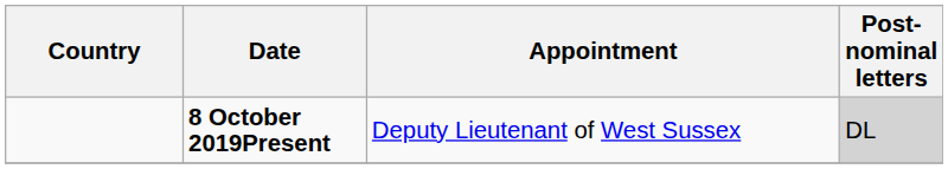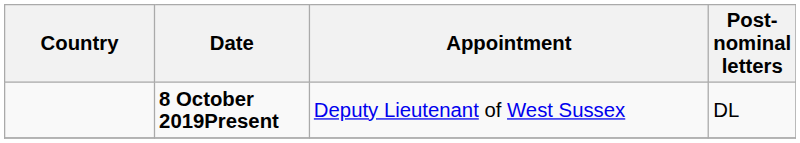 <table class="wikitable" style="width:100%;">
 <tr>
 <th style="width:20%;">Country</th>
 <th style="width:20%;">Date</th>
 <th style="width:55%;">Appointment</th>
 <th style="width:5%;">Post-nominal letters</th>
 </tr>
 <tr>
 <td></td>
 <td><strong>8 October 2019Present</strong></td>
 <td><a href='#'>Deputy Lieutenant</a> of <a href='#'>West Sussex</a></td>
-<td style="background: lightgrey;">DL</td>
+<td>DL</td>
 </tr>
 <tr>
 </tr>
 </table>
